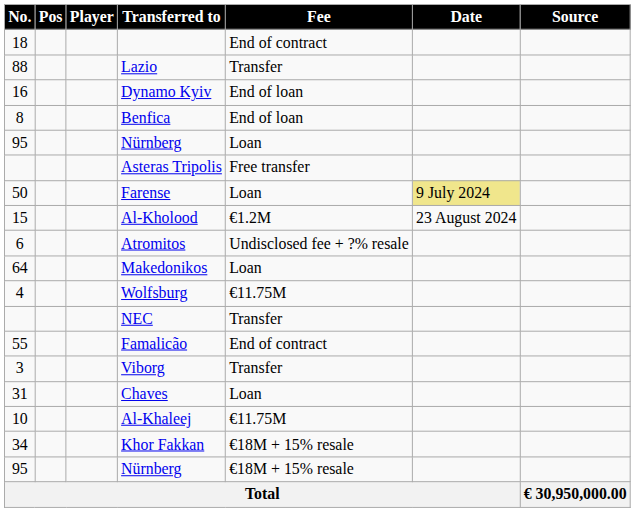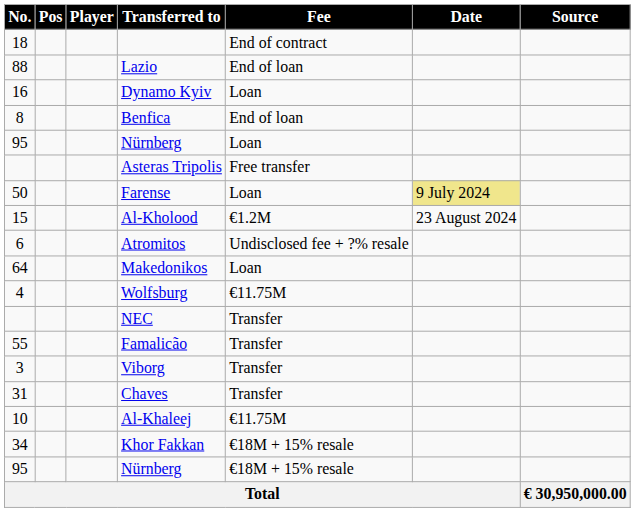 <table class="wikitable plainrowheaders sortable">
 <tr>
 <th style="background:black; color:#FFFFFF; ">No.</th>
 <th style="background:black; color:#FFFFFF; ">Pos</th>
 <th style="background:black; color:#FFFFFF; ">Player</th>
 <th style="background:black; color:#FFFFFF; ">Transferred to</th>
 <th style="background:black; color:#FFFFFF; ">Fee</th>
 <th style="background:black; color:#FFFFFF; ">Date</th>
 <th style="background:black; color:#FFFFFF; ">Source</th>
 </tr>
 <tr>
 <td align=center>18</td>
 <td align=center></td>
 <td></td>
 <td></td>
 <td>End of contract</td>
 <td></td>
 <td></td>
 </tr>
 <tr>
 <td align=center>88</td>
 <td align=center></td>
 <td></td>
 <td> <a href='#'>Lazio</a></td>
-<td>Transfer</td>
+<td>End of loan</td>
 <td></td>
 <td></td>
 </tr>
 <tr>
 <td align=center>16</td>
 <td align=center></td>
 <td></td>
 <td> <a href='#'>Dynamo Kyiv</a></td>
-<td>End of loan</td>
+<td>Loan</td>
 <td></td>
 <td></td>
 </tr>
 <tr>
 <td align=center>8</td>
 <td align=center></td>
 <td></td>
 <td> <a href='#'>Benfica</a></td>
 <td>End of loan</td>
 <td></td>
 <td></td>
 </tr>
 <tr>
 <td align=center>95</td>
 <td align=center></td>
 <td></td>
 <td> <a href='#'>Nürnberg</a></td>
 <td>Loan</td>
 <td></td>
 <td></td>
 </tr>
 <tr>
 <td align=center></td>
 <td align=center></td>
 <td></td>
 <td> <a href='#'>Asteras Tripolis</a></td>
 <td>Free transfer</td>
 <td></td>
 <td></td>
 </tr>
 <tr>
 <td align=center>50</td>
 <td align=center></td>
 <td></td>
 <td> <a href='#'>Farense</a></td>
 <td>Loan</td>
 <td style="background: khaki;">9 July 2024</td>
 <td></td>
 </tr>
 <tr>
 <td align=center>15</td>
 <td align=center></td>
 <td></td>
 <td> <a href='#'>Al-Kholood</a></td>
 <td>€1.2M</td>
 <td>23 August 2024</td>
 <td></td>
 </tr>
 <tr>
 <td align=center>6</td>
 <td align=center></td>
 <td></td>
 <td> <a href='#'>Atromitos</a></td>
 <td>Undisclosed fee + ?% resale</td>
 <td></td>
 <td></td>
 </tr>
 <tr>
 <td align=center>64</td>
 <td align=center></td>
 <td></td>
 <td> <a href='#'>Makedonikos</a></td>
 <td>Loan</td>
 <td></td>
 <td></td>
 </tr>
 <tr>
 <td align=center>4</td>
 <td align="center"></td>
 <td></td>
 <td> <a href='#'>Wolfsburg</a></td>
 <td>€11.75M</td>
 <td></td>
 <td></td>
 </tr>
 <tr>
 <td align=center></td>
 <td align=center></td>
 <td></td>
 <td> <a href='#'>NEC</a></td>
 <td>Transfer</td>
 <td></td>
 <td></td>
 </tr>
 <tr>
 <td align=center>55</td>
 <td align=center></td>
 <td></td>
 <td> <a href='#'>Famalicão</a></td>
-<td>End of contract</td>
+<td>Transfer</td>
 <td></td>
 <td></td>
 </tr>
 <tr>
 <td align=center>3</td>
 <td align=center></td>
 <td></td>
 <td> <a href='#'>Viborg</a></td>
 <td>Transfer</td>
 <td></td>
 <td></td>
 </tr>
 <tr>
 <td align=center>31</td>
 <td align=center></td>
 <td></td>
 <td> <a href='#'>Chaves</a></td>
-<td>Loan</td>
+<td>Transfer</td>
 <td></td>
 <td></td>
 </tr>
 <tr>
 <td align=center>10</td>
 <td align=center></td>
 <td></td>
 <td> <a href='#'>Al-Khaleej</a></td>
 <td>€11.75M</td>
 <td></td>
 <td></td>
 </tr>
 <tr>
 <td align=center>34</td>
 <td align=center></td>
 <td></td>
 <td> <a href='#'>Khor Fakkan</a></td>
 <td>€18M + 15% resale</td>
 <td></td>
 <td></td>
 </tr>
 <tr>
 <td align=center>95</td>
 <td align=center></td>
 <td></td>
 <td> <a href='#'>Nürnberg</a></td>
 <td>€18M + 15% resale</td>
 <td></td>
 <td></td>
 </tr>
 <tr>
 <th colspan="6">Total</th>
 <th colspan="2"> € 30,950,000.00</th>
 </tr>
 </table>
